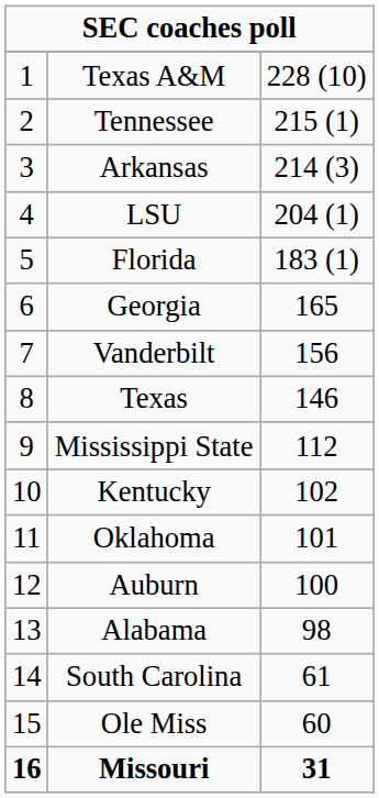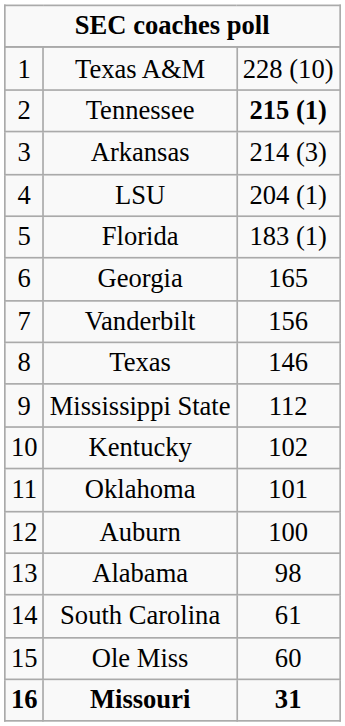 <table class="wikitable" style="display: inline-table;">
 <tr>
 <td align="center" Colspan="3"><strong>SEC coaches poll</strong></td>
 </tr>
 <tr align="center">
 </tr>
 <tr align="center">
 <td>1</td>
 <td>Texas A&M</td>
 <td>228 (10)</td>
 </tr>
 <tr align="center">
 <td>2</td>
 <td>Tennessee</td>
-<td>215 (1)</td>
+<td><strong>215 (1)</strong></td>
 </tr>
 <tr align="center">
 <td>3</td>
 <td>Arkansas</td>
 <td>214 (3)</td>
 </tr>
 <tr align="center">
 <td>4</td>
 <td>LSU</td>
 <td>204 (1)</td>
 </tr>
 <tr align="center">
 <td>5</td>
 <td>Florida</td>
 <td>183 (1)</td>
 </tr>
 <tr align="center">
 <td>6</td>
 <td>Georgia</td>
 <td>165</td>
 </tr>
 <tr align="center">
 <td>7</td>
 <td>Vanderbilt</td>
 <td>156</td>
 </tr>
 <tr align="center">
 <td>8</td>
 <td>Texas</td>
 <td>146</td>
 </tr>
 <tr align="center">
 <td>9</td>
 <td>Mississippi State</td>
 <td>112</td>
 </tr>
 <tr align="center">
 <td>10</td>
 <td>Kentucky</td>
 <td>102</td>
 </tr>
 <tr align="center">
 <td>11</td>
 <td>Oklahoma</td>
 <td>101</td>
 </tr>
 <tr align="center">
 <td>12</td>
 <td>Auburn</td>
 <td>100</td>
 </tr>
 <tr align="center">
 <td>13</td>
 <td>Alabama</td>
 <td>98</td>
 </tr>
 <tr align="center">
 <td>14</td>
 <td>South Carolina</td>
 <td>61</td>
 </tr>
 <tr align="center">
 <td>15</td>
 <td>Ole Miss</td>
 <td>60</td>
 </tr>
 <tr align="center">
 <td><strong>16</strong></td>
 <td><strong>Missouri</strong></td>
 <td><strong>31</strong></td>
 </tr>
 </table>
